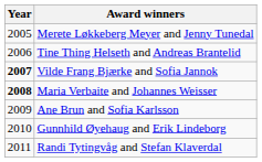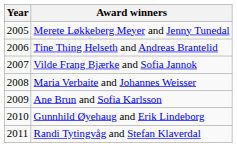 <table class="wikitable">
 <tr>
 <th>Year</th>
 <th>Award winners</th>
 </tr>
 <tr>
 <td>2005</td>
 <td><a href='#'>Merete Løkkeberg Meyer</a> and <a href='#'>Jenny Tunedal</a></td>
 </tr>
 <tr>
 <td>2006</td>
 <td><a href='#'>Tine Thing Helseth</a> and <a href='#'>Andreas Brantelid</a></td>
 </tr>
 <tr>
-<td><strong>2007</strong></td>
+<td>2007</td>
 <td><a href='#'>Vilde Frang Bjærke</a> and <a href='#'>Sofia Jannok</a></td>
 </tr>
 <tr>
-<td><strong>2008</strong></td>
+<td>2008</td>
 <td><a href='#'>Maria Verbaite</a> and <a href='#'>Johannes Weisser</a></td>
 </tr>
 <tr>
 <td>2009</td>
 <td><a href='#'>Ane Brun</a> and <a href='#'>Sofia Karlsson</a></td>
 </tr>
 <tr>
 <td>2010</td>
 <td><a href='#'>Gunnhild Øyehaug</a> and <a href='#'>Erik Lindeborg</a></td>
 </tr>
 <tr>
 <td>2011</td>
 <td><a href='#'>Randi Tytingvåg</a> and <a href='#'>Stefan Klaverdal</a></td>
 </tr>
 </table>
